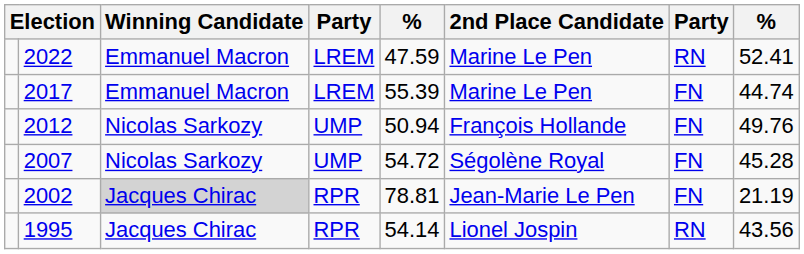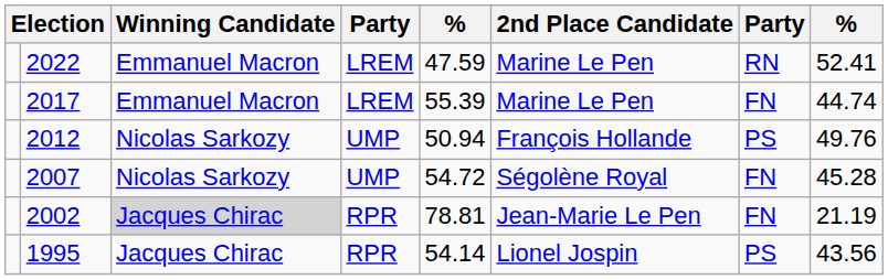 <table class="wikitable">
 <tr>
 <th colspan="2">Election</th>
 <th>Winning Candidate</th>
 <th>Party</th>
 <th>%</th>
 <th>2nd Place Candidate</th>
 <th>Party</th>
 <th>%</th>
 </tr>
 <tr>
 <td></td>
 <td><a href='#'>2022</a></td>
 <td><a href='#'>Emmanuel Macron</a></td>
 <td><a href='#'>LREM</a></td>
 <td>47.59</td>
 <td><a href='#'>Marine Le Pen</a></td>
 <td><a href='#'>RN</a></td>
 <td>52.41</td>
 </tr>
 <tr>
 <td style="background-color: "></td>
 <td><a href='#'>2017</a></td>
 <td><a href='#'>Emmanuel Macron</a></td>
 <td><a href='#'>LREM</a></td>
 <td>55.39</td>
 <td><a href='#'>Marine Le Pen</a></td>
 <td><a href='#'>FN</a></td>
 <td>44.74</td>
 </tr>
 <tr>
 <td style="background-color: "></td>
 <td><a href='#'>2012</a></td>
 <td><a href='#'>Nicolas Sarkozy</a></td>
 <td><a href='#'>UMP</a></td>
 <td>50.94</td>
 <td><a href='#'>François Hollande</a></td>
-<td><a href='#'>FN</a></td>
+<td><a href='#'>PS</a></td>
 <td>49.76</td>
 </tr>
 <tr>
 <td style="background-color: "></td>
 <td><a href='#'>2007</a></td>
 <td><a href='#'>Nicolas Sarkozy</a></td>
 <td><a href='#'>UMP</a></td>
 <td>54.72</td>
 <td><a href='#'>Ségolène Royal</a></td>
 <td><a href='#'>FN</a></td>
 <td>45.28</td>
 </tr>
 <tr>
 <td style="background-color: "></td>
 <td><a href='#'>2002</a></td>
 <td style="background: lightgrey;"><a href='#'>Jacques Chirac</a></td>
 <td><a href='#'>RPR</a></td>
 <td>78.81</td>
 <td><a href='#'>Jean-Marie Le Pen</a></td>
 <td><a href='#'>FN</a></td>
 <td>21.19</td>
 </tr>
 <tr>
 <td style="background-color: "></td>
 <td><a href='#'>1995</a></td>
 <td><a href='#'>Jacques Chirac</a></td>
 <td><a href='#'>RPR</a></td>
 <td>54.14</td>
 <td><a href='#'>Lionel Jospin</a></td>
-<td><a href='#'>RN</a></td>
+<td><a href='#'>PS</a></td>
 <td>43.56</td>
 </tr>
 </table>
